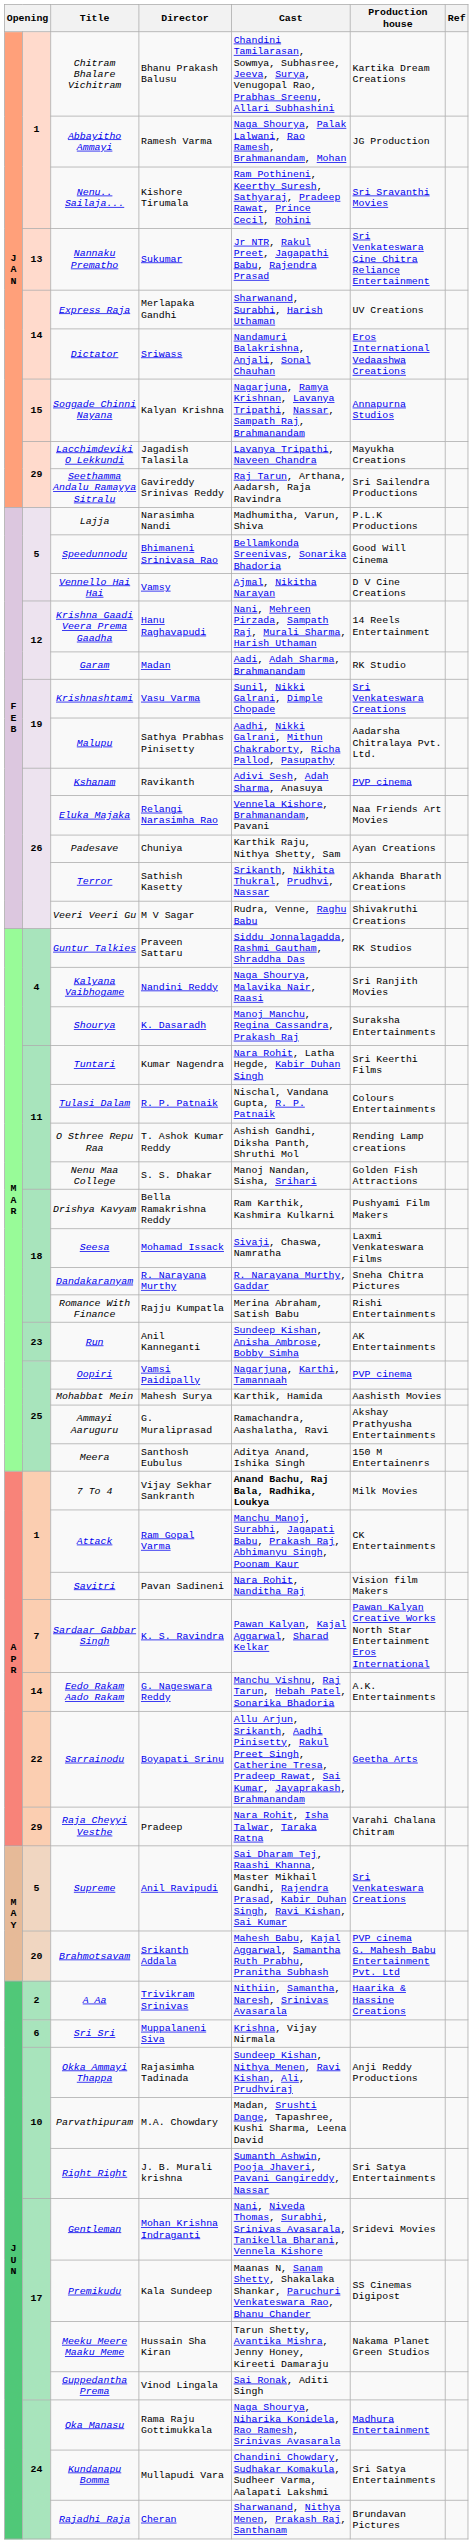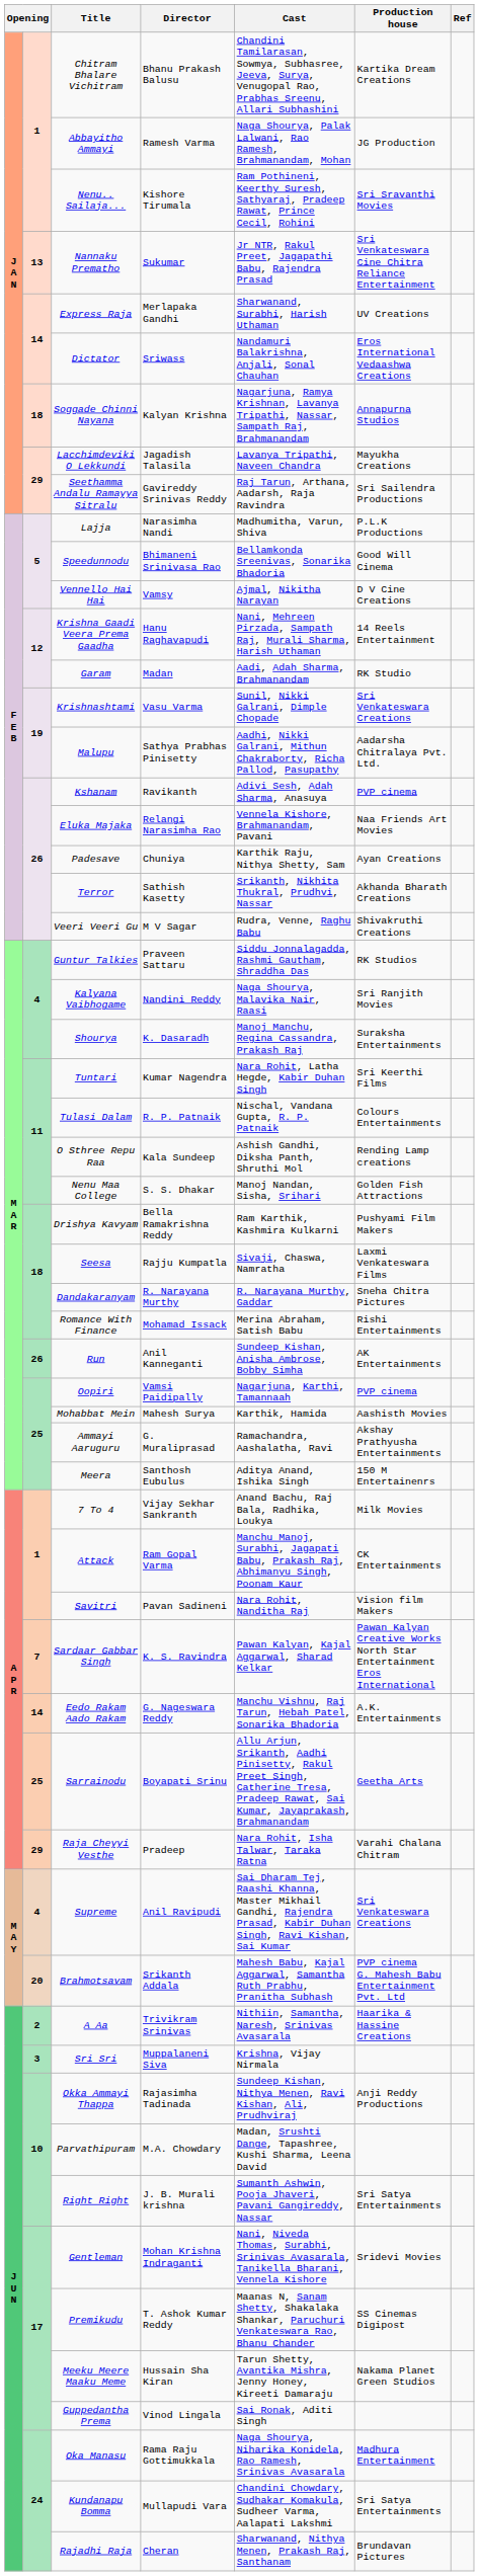 <table class="wikitable sortable">
 <tr style="background:#blue; text-align:center;">
 <th colspan="2">Opening</th>
 <th>Title</th>
 <th style="width:20%;"><strong>Director</strong></th>
 <th>Cast</th>
 <th>Production house</th>
 <th>Ref</th>
 </tr>
 <tr January!>
 <td rowspan="9" style="text-align:center;background:#ffa07a;textcolor:#000;"><strong>J<br>A<br>N</strong></td>
 <td rowspan="3" style="text-align:center;background:#ffdacc;"><strong>1</strong></td>
 <td style="text-align:center;"><em>Chitram Bhalare Vichitram</em></td>
 <td>Bhanu Prakash Balusu</td>
 <td><a href='#'>Chandini Tamilarasan</a>, Sowmya, Subhasree, <a href='#'>Jeeva</a>, <a href='#'>Surya</a>, Venugopal Rao, <a href='#'>Prabhas Sreenu</a>, <a href='#'>Allari Subhashini</a></td>
 <td>Kartika Dream Creations</td>
 <td></td>
 </tr>
 <tr>
 <td style="text-align:center;"><em><a href='#'>Abbayitho Ammayi</a></em></td>
 <td>Ramesh Varma</td>
 <td><a href='#'>Naga Shourya</a>, <a href='#'>Palak Lalwani</a>, <a href='#'>Rao Ramesh</a>, <a href='#'>Brahmanandam</a>, <a href='#'>Mohan</a></td>
 <td>JG Production</td>
 <td></td>
 </tr>
 <tr>
 <td style="text-align:center;"><em><a href='#'>Nenu.. Sailaja...</a></em></td>
 <td>Kishore Tirumala</td>
 <td><a href='#'>Ram Pothineni</a>, <a href='#'>Keerthy Suresh</a>, <a href='#'>Sathyaraj</a>, <a href='#'>Pradeep Rawat</a>, <a href='#'>Prince Cecil</a>, <a href='#'>Rohini</a></td>
 <td><a href='#'>Sri Sravanthi Movies</a></td>
 <td></td>
 </tr>
 <tr>
 <td style="text-align:center; background:#ffdacc;"><strong>13</strong></td>
 <td style="text-align:center;"><em><a href='#'>Nannaku Prematho</a></em></td>
 <td><a href='#'>Sukumar</a></td>
 <td><a href='#'>Jr NTR</a>, <a href='#'>Rakul Preet</a>, <a href='#'>Jagapathi Babu</a>, <a href='#'>Rajendra Prasad</a></td>
 <td><a href='#'>Sri Venkateswara Cine Chitra</a><br> <a href='#'>Reliance Entertainment</a></td>
 <td></td>
 </tr>
 <tr>
 <td rowspan="2" style="text-align:center; background:#ffdacc;"><strong>14</strong></td>
 <td style="text-align:center;"><em><a href='#'>Express Raja</a></em></td>
 <td>Merlapaka Gandhi</td>
 <td><a href='#'>Sharwanand</a>, <a href='#'>Surabhi</a>, <a href='#'>Harish Uthaman</a></td>
 <td>UV Creations</td>
 <td></td>
 </tr>
 <tr>
 <td style="text-align:center;"><em><a href='#'>Dictator</a></em></td>
 <td><a href='#'>Sriwass</a></td>
 <td><a href='#'>Nandamuri Balakrishna</a>, <a href='#'>Anjali</a>, <a href='#'>Sonal Chauhan</a></td>
 <td><a href='#'>Eros International</a><br><a href='#'>Vedaashwa Creations</a></td>
 <td></td>
 </tr>
 <tr>
-<td style="text-align:center; background:#ffdacc;"><strong>15</strong></td>
+<td style="text-align:center; background:#ffdacc;"><strong>18</strong></td>
 <td style="text-align:center;"><em><a href='#'>Soggade Chinni Nayana</a></em></td>
 <td>Kalyan Krishna</td>
 <td><a href='#'>Nagarjuna</a>, <a href='#'>Ramya Krishnan</a>, <a href='#'>Lavanya Tripathi</a>, <a href='#'>Nassar</a>, <a href='#'>Sampath Raj</a>, <a href='#'>Brahmanandam</a></td>
 <td><a href='#'>Annapurna Studios</a></td>
 <td></td>
 </tr>
 <tr>
 <td rowspan="2" style="text-align:center; background:#ffdacc;"><strong>29</strong></td>
 <td style="text-align:center;"><em><a href='#'>Lacchimdeviki O Lekkundi</a></em></td>
 <td>Jagadish Talasila</td>
 <td><a href='#'>Lavanya Tripathi</a>, <a href='#'>Naveen Chandra</a></td>
 <td>Mayukha Creations</td>
 <td></td>
 </tr>
 <tr>
 <td style="text-align:center;"><em><a href='#'>Seethamma Andalu Ramayya Sitralu</a></em></td>
 <td>Gavireddy Srinivas Reddy</td>
 <td><a href='#'>Raj Tarun</a>, Arthana, Aadarsh, Raja Ravindra</td>
 <td>Sri Sailendra Productions</td>
 <td></td>
 </tr>
 <tr February!>
 <td rowspan="12" style="text-align:center; background:#dcc7df;"><strong>F<br>E<br>B</strong></td>
 <td rowspan="3" style="text-align:center; background:#ede3ef;"><strong>5</strong></td>
 <td style="text-align:center;"><em>Lajja</em></td>
 <td>Narasimha Nandi</td>
 <td>Madhumitha, Varun, Shiva</td>
 <td>P.L.K Productions</td>
 <td></td>
 </tr>
 <tr>
 <td style="text-align:center;"><em><a href='#'>Speedunnodu</a></em></td>
 <td><a href='#'>Bhimaneni Srinivasa Rao</a></td>
 <td><a href='#'>Bellamkonda Sreenivas</a>, <a href='#'>Sonarika Bhadoria</a></td>
 <td>Good Will Cinema</td>
 <td></td>
 </tr>
 <tr>
 <td style="text-align:center;"><em><a href='#'>Vennello Hai Hai</a></em></td>
 <td><a href='#'>Vamsy</a></td>
 <td><a href='#'>Ajmal</a>, <a href='#'>Nikitha Narayan</a></td>
 <td>D V Cine Creations</td>
 <td></td>
 </tr>
 <tr>
 <td rowspan="2" style="text-align:center; background:#ede3ef;"><strong>12</strong></td>
 <td style="text-align:center;"><em><a href='#'>Krishna Gaadi Veera Prema Gaadha</a></em></td>
 <td><a href='#'>Hanu Raghavapudi</a></td>
 <td><a href='#'>Nani</a>, <a href='#'>Mehreen Pirzada</a>, <a href='#'>Sampath Raj</a>, <a href='#'>Murali Sharma</a>, <a href='#'>Harish Uthaman</a></td>
 <td>14 Reels Entertainment</td>
 <td></td>
 </tr>
 <tr>
 <td style="text-align:center;"><em><a href='#'>Garam</a></em></td>
 <td><a href='#'>Madan</a></td>
 <td><a href='#'>Aadi</a>, <a href='#'>Adah Sharma</a>, <a href='#'>Brahmanandam</a></td>
 <td>RK Studio</td>
 <td></td>
 </tr>
 <tr>
 <td rowspan="2" style="text-align:center; background:#ede3ef;"><strong>19</strong></td>
 <td style="text-align:center;"><em><a href='#'>Krishnashtami</a></em></td>
 <td><a href='#'>Vasu Varma</a></td>
 <td><a href='#'>Sunil</a>, <a href='#'>Nikki Galrani</a>, <a href='#'>Dimple Chopade</a></td>
 <td><a href='#'>Sri Venkateswara Creations</a></td>
 <td></td>
 </tr>
 <tr>
 <td style="text-align:center;"><em><a href='#'>Malupu</a></em></td>
 <td>Sathya Prabhas Pinisetty</td>
 <td><a href='#'>Aadhi</a>, <a href='#'>Nikki Galrani</a>, <a href='#'>Mithun Chakraborty</a>, <a href='#'>Richa Pallod</a>, <a href='#'>Pasupathy</a></td>
 <td>Aadarsha Chitralaya Pvt. Ltd.</td>
 <td></td>
 </tr>
 <tr>
 <td rowspan="5" style="text-align:center; background:#ede3ef;"><strong>26</strong></td>
 <td style="text-align:center;"><em><a href='#'>Kshanam</a></em></td>
 <td>Ravikanth</td>
 <td><a href='#'>Adivi Sesh</a>, <a href='#'>Adah Sharma</a>, Anasuya</td>
 <td><a href='#'>PVP cinema</a></td>
 <td></td>
 </tr>
 <tr>
 <td style="text-align:center;"><em><a href='#'>Eluka Majaka</a></em></td>
 <td><a href='#'>Relangi Narasimha Rao</a></td>
 <td><a href='#'>Vennela Kishore</a>, <a href='#'>Brahmanandam</a>, Pavani</td>
 <td>Naa Friends Art Movies</td>
 <td></td>
 </tr>
 <tr>
 <td style="text-align:center;"><em>Padesave</em></td>
 <td>Chuniya</td>
 <td>Karthik Raju, Nithya Shetty, Sam</td>
 <td>Ayan Creations</td>
 <td></td>
 </tr>
 <tr>
 <td style="text-align:center;"><em><a href='#'>Terror</a></em></td>
 <td>Sathish Kasetty</td>
 <td><a href='#'>Srikanth</a>, <a href='#'>Nikhita Thukral</a>, <a href='#'>Prudhvi</a>, <a href='#'>Nassar</a></td>
 <td>Akhanda Bharath Creations</td>
 <td></td>
 </tr>
 <tr>
 <td style="text-align:center;"><em>Veeri Veeri Gu</em></td>
 <td>M V Sagar</td>
 <td>Rudra, Venne, <a href='#'>Raghu Babu</a></td>
 <td>Shivakruthi Creations</td>
 <td></td>
 </tr>
 <tr March!>
 <td rowspan="16" style="text-align:center; background:#98fb98; textcolor:#000;"><strong>M<br>A<br>R</strong></td>
 <td rowspan="3" style="text-align:center;background:#a8e4bc;"><strong>4</strong></td>
 <td style="text-align:center;"><em><a href='#'>Guntur Talkies</a></em></td>
 <td>Praveen Sattaru</td>
 <td><a href='#'>Siddu Jonnalagadda</a>, <a href='#'>Rashmi Gautham</a>, <a href='#'>Shraddha Das</a></td>
 <td>RK Studios</td>
 <td></td>
 </tr>
 <tr>
 <td style="text-align:center;"><em><a href='#'>Kalyana Vaibhogame</a></em></td>
 <td><a href='#'>Nandini Reddy</a></td>
 <td><a href='#'>Naga Shourya</a>, <a href='#'>Malavika Nair</a>, <a href='#'>Raasi</a></td>
 <td>Sri Ranjith Movies</td>
 <td></td>
 </tr>
 <tr>
 <td style="text-align:center;"><em><a href='#'>Shourya</a></em></td>
 <td><a href='#'>K. Dasaradh</a></td>
 <td><a href='#'>Manoj Manchu</a>, <a href='#'>Regina Cassandra</a>, <a href='#'>Prakash Raj</a></td>
 <td>Suraksha Entertainments</td>
 <td></td>
 </tr>
 <tr>
 <td rowspan="4" style="text-align:center;background:#a8e4bc;"><strong>11</strong></td>
 <td style="text-align:center;"><em><a href='#'>Tuntari</a></em></td>
 <td>Kumar Nagendra</td>
 <td><a href='#'>Nara Rohit</a>, Latha Hegde, <a href='#'>Kabir Duhan Singh</a></td>
 <td>Sri Keerthi Films</td>
 <td></td>
 </tr>
 <tr>
 <td style="text-align:center;"><em><a href='#'>Tulasi Dalam</a></em></td>
 <td><a href='#'>R. P. Patnaik</a></td>
 <td>Nischal,  Vandana Gupta, <a href='#'>R. P. Patnaik</a></td>
 <td>Colours Entertainments</td>
 <td></td>
 </tr>
 <tr>
 <td style="text-align:center;"><em>O Sthree Repu Raa</em></td>
-<td>T. Ashok Kumar Reddy</td>
+<td>Kala Sundeep</td>
 <td>Ashish Gandhi, Diksha Panth, Shruthi Mol</td>
 <td>Rending Lamp creations</td>
 <td></td>
 </tr>
 <tr>
 <td style="text-align:center;"><em>Nenu Maa College</em></td>
 <td>S. S. Dhakar</td>
 <td>Manoj Nandan, Sisha, <a href='#'>Srihari</a></td>
 <td>Golden Fish Attractions</td>
 <td></td>
 </tr>
 <tr>
 <td rowspan="4" style="text-align:center; background:#a8e4bc;"><strong>18</strong></td>
 <td style="text-align:center;"><em>Drishya Kavyam</em></td>
 <td>Bella Ramakrishna Reddy</td>
 <td>Ram Karthik, Kashmira Kulkarni</td>
 <td>Pushyami Film Makers</td>
 <td></td>
 </tr>
 <tr>
 <td style="text-align:center;"><em><a href='#'>Seesa</a></em></td>
-<td><a href='#'>Mohamad Issack</a></td>
+<td>Rajju Kumpatla</td>
 <td><a href='#'>Sivaji</a>, Chaswa, Namratha</td>
 <td>Laxmi Venkateswara Films</td>
 <td></td>
 </tr>
 <tr>
 <td style="text-align:center;"><em><a href='#'>Dandakaranyam</a></em></td>
 <td><a href='#'>R. Narayana Murthy</a></td>
 <td><a href='#'>R. Narayana Murthy</a>, <a href='#'>Gaddar</a></td>
 <td>Sneha Chitra Pictures</td>
 <td></td>
 </tr>
 <tr>
 <td style="text-align:center;"><em>Romance With Finance</em></td>
-<td>Rajju Kumpatla</td>
+<td><a href='#'>Mohamad Issack</a></td>
 <td>Merina Abraham, Satish Babu</td>
 <td>Rishi Entertainments</td>
 <td></td>
 </tr>
 <tr>
-<td style="text-align:center; background:#a8e4bc;"><strong>23</strong></td>
+<td style="text-align:center; background:#a8e4bc;"><strong>26</strong></td>
 <td style="text-align:center;"><em><a href='#'>Run</a></em></td>
 <td>Anil Kanneganti</td>
 <td><a href='#'>Sundeep Kishan</a>, <a href='#'>Anisha Ambrose</a>, <a href='#'>Bobby Simha</a></td>
 <td>AK Entertainments</td>
 <td></td>
 </tr>
 <tr>
 <td rowspan="4" style="text-align:center;background:#a8e4bc;"><strong>25</strong></td>
 <td style="text-align:center;"><em><a href='#'>Oopiri</a></em></td>
 <td><a href='#'>Vamsi Paidipally</a></td>
 <td><a href='#'>Nagarjuna</a>, <a href='#'>Karthi</a>, <a href='#'>Tamannaah</a></td>
 <td><a href='#'>PVP cinema</a></td>
 <td></td>
 </tr>
 <tr>
 <td style="text-align:center;"><em>Mohabbat Mein</em></td>
 <td>Mahesh Surya</td>
 <td>Karthik, Hamida</td>
 <td>Aashisth Movies</td>
 <td></td>
 </tr>
 <tr>
 <td style="text-align:center;"><em>Ammayi Aaruguru</em></td>
 <td>G. Muraliprasad</td>
 <td>Ramachandra, Aashalatha, Ravi</td>
 <td>Akshay Prathyusha Entertainments</td>
 <td></td>
 </tr>
 <tr>
 <td style="text-align:center;"><em>Meera</em></td>
 <td>Santhosh Eubulus</td>
 <td>Aditya Anand, Ishika Singh</td>
 <td>150 M Entertainenrs</td>
 <td></td>
 </tr>
 <tr April!>
 <td rowspan="7" style="text-align:center;background:#F88379; textcolor:#000;"><strong>A<br>P<br>R</strong></td>
 <td rowspan="3" style="text-align:center; background:#FBCEB1;"><strong>1</strong></td>
 <td style="text-align:center;"><em>7 To 4</em></td>
 <td>Vijay Sekhar Sankranth</td>
-<td><strong>Anand Bachu, Raj Bala, Radhika, Loukya</strong></td>
+<td>Anand Bachu, Raj Bala, Radhika, Loukya</td>
 <td>Milk Movies</td>
 <td></td>
 </tr>
 <tr>
 <td style="text-align:center;"><em><a href='#'>Attack</a></em></td>
 <td><a href='#'>Ram Gopal Varma</a></td>
 <td><a href='#'>Manchu Manoj</a>, <a href='#'>Surabhi</a>, <a href='#'>Jagapati Babu</a>, <a href='#'>Prakash Raj</a>, <a href='#'>Abhimanyu Singh</a>, <a href='#'>Poonam Kaur</a></td>
 <td>CK Entertainments</td>
 <td></td>
 </tr>
 <tr>
 <td style="text-align:center;"><em><a href='#'>Savitri</a></em></td>
 <td>Pavan Sadineni</td>
 <td><a href='#'>Nara Rohit</a>, <a href='#'>Nanditha Raj</a></td>
 <td>Vision film Makers</td>
 <td></td>
 </tr>
 <tr>
 <td style="text-align:center; background:#fbceb1;"><strong>7</strong></td>
 <td style="text-align:center;"><em><a href='#'>Sardaar Gabbar Singh</a></em></td>
 <td><a href='#'>K. S. Ravindra</a></td>
 <td><a href='#'>Pawan Kalyan</a>, <a href='#'>Kajal Aggarwal</a>, <a href='#'>Sharad Kelkar</a></td>
 <td><a href='#'>Pawan Kalyan Creative Works</a><br>North Star Entertainment<br><a href='#'>Eros International</a></td>
 <td></td>
 </tr>
 <tr>
 <td style="text-align:center; background:#fbceb1;"><strong>14</strong></td>
 <td style="text-align:center;"><em><a href='#'>Eedo Rakam Aado Rakam</a></em></td>
 <td><a href='#'>G. Nageswara Reddy</a></td>
 <td><a href='#'>Manchu Vishnu</a>, <a href='#'>Raj Tarun</a>, <a href='#'>Hebah Patel</a>, <a href='#'>Sonarika Bhadoria</a></td>
 <td>A.K. Entertainments</td>
 <td></td>
 </tr>
 <tr>
-<td style="text-align:center; background:#fbceb1;"><strong>22</strong></td>
+<td style="text-align:center; background:#fbceb1;"><strong>25</strong></td>
 <td style="text-align:center;"><em><a href='#'>Sarrainodu</a></em></td>
 <td><a href='#'>Boyapati Srinu</a></td>
 <td><a href='#'>Allu Arjun</a>, <a href='#'>Srikanth</a>, <a href='#'>Aadhi Pinisetty</a>, <a href='#'>Rakul Preet Singh</a>, <a href='#'>Catherine Tresa</a>, <a href='#'>Pradeep Rawat</a>, <a href='#'>Sai Kumar</a>, <a href='#'>Jayaprakash</a>, <a href='#'>Brahmanandam</a></td>
 <td><a href='#'>Geetha Arts</a></td>
 <td></td>
 </tr>
 <tr>
 <td style="text-align:center; background:#fbceb1;"><strong>29</strong></td>
 <td style="text-align:center;"><em><a href='#'>Raja Cheyyi Vesthe</a></em></td>
 <td>Pradeep</td>
 <td><a href='#'>Nara Rohit</a>, <a href='#'>Isha Talwar</a>, <a href='#'>Taraka Ratna</a></td>
 <td>Varahi Chalana Chitram</td>
 <td></td>
 </tr>
 <tr May!>
 <td rowspan="2" style="text-align:center;background:#e6ba98; textcolor:#000;"><strong>M<br>A<br>Y</strong></td>
-<td style="text-align:center; background:#f0d6c1;"><strong>5</strong></td>
+<td style="text-align:center; background:#f0d6c1;"><strong>4</strong></td>
 <td style="text-align:center;"><em><a href='#'>Supreme</a></em></td>
 <td><a href='#'>Anil Ravipudi</a></td>
 <td><a href='#'>Sai Dharam Tej</a>, <a href='#'>Raashi Khanna</a>, Master Mikhail Gandhi, <a href='#'>Rajendra Prasad</a>, <a href='#'>Kabir Duhan Singh</a>, <a href='#'>Ravi Kishan</a>, <a href='#'>Sai Kumar</a></td>
 <td><a href='#'>Sri Venkateswara Creations</a></td>
 <td></td>
 </tr>
 <tr>
 <td style="text-align:center; background:#f0d6c1;"><strong>20</strong></td>
 <td style="text-align:center;"><em><a href='#'>Brahmotsavam</a></em></td>
 <td><a href='#'>Srikanth Addala</a></td>
 <td><a href='#'>Mahesh Babu</a>, <a href='#'>Kajal Aggarwal</a>, <a href='#'>Samantha Ruth Prabhu</a>, <a href='#'>Pranitha Subhash</a></td>
 <td><a href='#'>PVP cinema</a><br><a href='#'>G. Mahesh Babu Entertainment Pvt. Ltd</a></td>
 <td></td>
 </tr>
 <tr June!>
 <td rowspan="12" style="text-align:center;background:#50c878; textcolor:#000;"><strong>J<br>U<br>N</strong></td>
 <td style="text-align:center; background:#a8e4bc;"><strong>2</strong></td>
 <td style="text-align:center;"><em><a href='#'>A Aa</a></em></td>
 <td><a href='#'>Trivikram Srinivas</a></td>
 <td><a href='#'>Nithiin</a>, <a href='#'>Samantha</a>, <a href='#'>Naresh</a>, <a href='#'>Srinivas Avasarala</a></td>
 <td><a href='#'>Haarika & Hassine Creations</a></td>
 <td></td>
 </tr>
 <tr>
-<td style="text-align:center; background:#a8e4bc;"><strong>6</strong></td>
+<td style="text-align:center; background:#a8e4bc;"><strong>3</strong></td>
 <td style="text-align:center;"><em><a href='#'>Sri Sri</a></em></td>
 <td><a href='#'>Muppalaneni Siva</a></td>
 <td><a href='#'>Krishna</a>, Vijay Nirmala</td>
 <td></td>
 <td></td>
 </tr>
 <tr>
 <td rowspan="3" style="text-align:center; background:#a8e4bc;"><strong>10</strong></td>
 <td style="text-align:center;"><em><a href='#'>Okka Ammayi Thappa</a></em></td>
 <td>Rajasimha Tadinada</td>
 <td><a href='#'>Sundeep Kishan</a>, <a href='#'>Nithya Menen</a>, <a href='#'>Ravi Kishan</a>, <a href='#'>Ali</a>, <a href='#'>Prudhviraj</a></td>
 <td>Anji Reddy Productions</td>
 <td></td>
 </tr>
 <tr>
 <td style="text-align:center;"><em>Parvathipuram</em></td>
 <td>M.A. Chowdary</td>
 <td>Madan, <a href='#'>Srushti Dange</a>, Tapashree, Kushi Sharma, Leena David</td>
 <td></td>
 <td></td>
 </tr>
 <tr>
 <td style="text-align:center;"><em><a href='#'>Right Right</a></em></td>
 <td>J. B. Murali krishna</td>
 <td><a href='#'>Sumanth Ashwin</a>, <a href='#'>Pooja Jhaveri</a>, <a href='#'>Pavani Gangireddy</a>, <a href='#'>Nassar</a></td>
 <td>Sri Satya Entertainments</td>
 <td></td>
 </tr>
 <tr>
 <td rowspan="4" style="text-align:center; background:#a8e4bc;"><strong>17</strong></td>
 <td style="text-align:center;"><em><a href='#'>Gentleman</a></em></td>
 <td><a href='#'>Mohan Krishna Indraganti</a></td>
 <td><a href='#'>Nani</a>, <a href='#'>Niveda Thomas</a>, <a href='#'>Surabhi</a>, <a href='#'>Srinivas Avasarala</a>, <a href='#'>Tanikella Bharani</a>, <a href='#'>Vennela Kishore</a></td>
 <td>Sridevi Movies</td>
 <td></td>
 </tr>
 <tr>
 <td style="text-align:center;"><em><a href='#'>Premikudu</a></em></td>
-<td>Kala Sundeep</td>
+<td>T. Ashok Kumar Reddy</td>
 <td>Maanas N, <a href='#'>Sanam Shetty</a>, Shakalaka Shankar, <a href='#'>Paruchuri Venkateswara Rao</a>, <a href='#'>Bhanu Chander</a></td>
 <td>SS Cinemas Digipost</td>
 <td></td>
 </tr>
 <tr>
 <td style="text-align:center;"><em><a href='#'>Meeku Meere Maaku Meme</a></em></td>
 <td>Hussain Sha Kiran</td>
 <td>Tarun Shetty, <a href='#'>Avantika Mishra</a>, Jenny Honey, Kireeti Damaraju</td>
 <td>Nakama Planet Green Studios</td>
 <td></td>
 </tr>
 <tr>
 <td style="text-align:center;"><em><a href='#'>Guppedantha Prema</a></em></td>
 <td>Vinod Lingala</td>
 <td><a href='#'>Sai Ronak</a>, Aditi Singh</td>
 <td></td>
 <td></td>
 </tr>
 <tr>
 <td rowspan="3" style="text-align:center; background:#a8e4bc;"><strong>24</strong></td>
 <td style="text-align:center;"><em><a href='#'>Oka Manasu</a></em></td>
 <td>Rama Raju Gottimukkala</td>
 <td><a href='#'>Naga Shourya</a>, <a href='#'>Niharika Konidela</a>, <a href='#'>Rao Ramesh</a>, <a href='#'>Srinivas Avasarala</a></td>
 <td><a href='#'>Madhura Entertainment</a></td>
 <td></td>
 </tr>
 <tr>
 <td style="text-align:center;"><em><a href='#'>Kundanapu Bomma</a></em></td>
 <td>Mullapudi Vara</td>
 <td><a href='#'>Chandini Chowdary</a>, <a href='#'>Sudhakar Komakula</a>, Sudheer Varma, Aalapati Lakshmi</td>
 <td>Sri Satya Entertainments</td>
 <td></td>
 </tr>
 <tr>
 <td style="text-align:center;"><em><a href='#'>Rajadhi Raja</a></em></td>
 <td><a href='#'>Cheran</a></td>
 <td><a href='#'>Sharwanand</a>, <a href='#'>Nithya Menen</a>, <a href='#'>Prakash Raj</a>, <a href='#'>Santhanam</a></td>
 <td>Brundavan Pictures</td>
 <td></td>
 </tr>
 </table>
